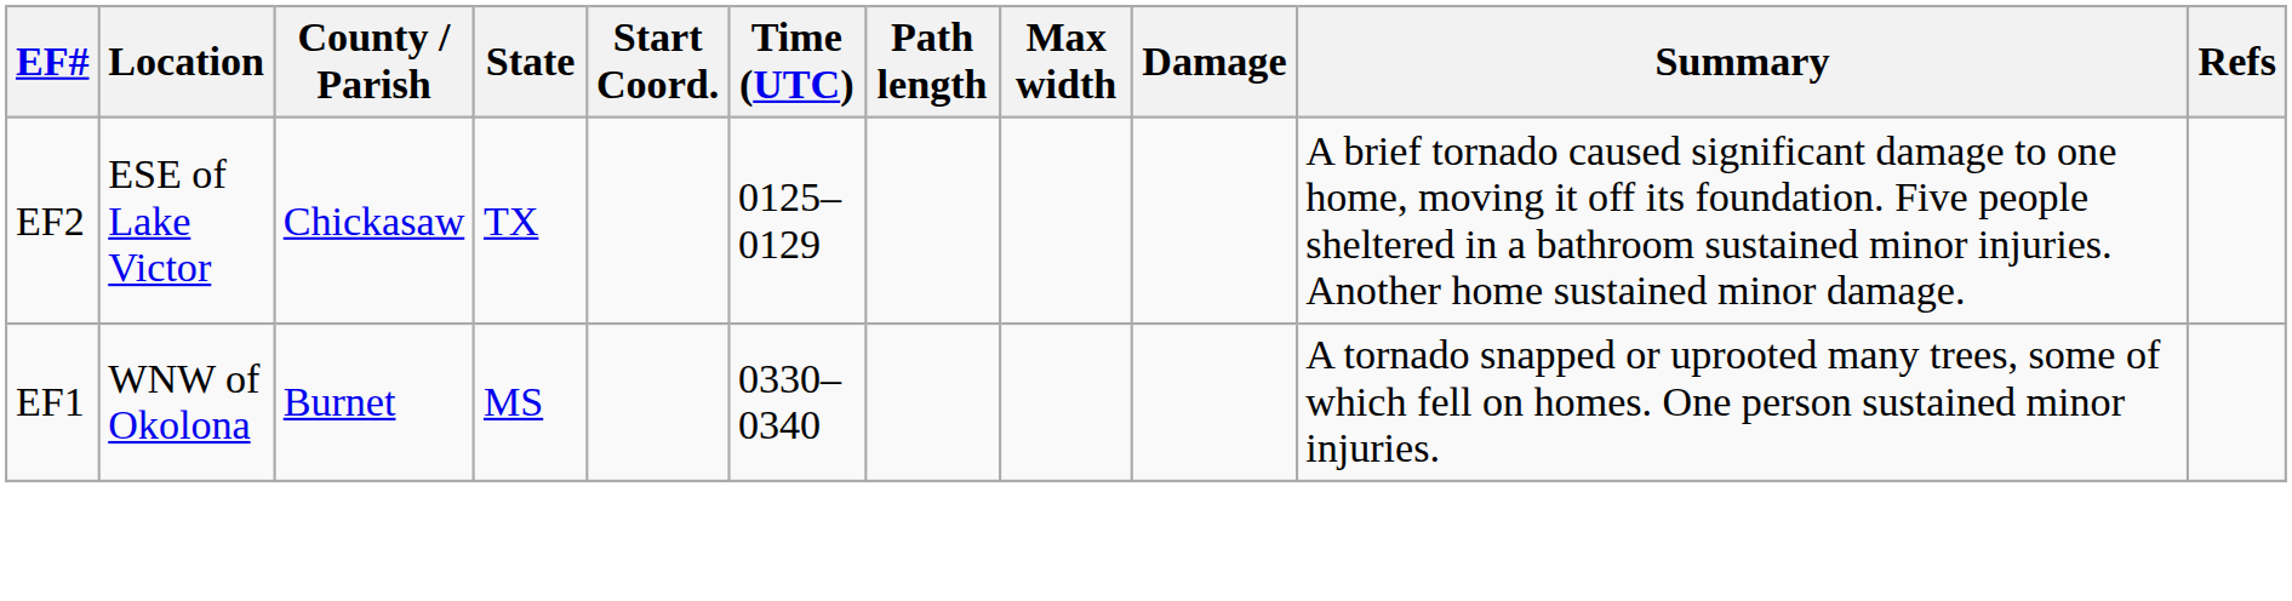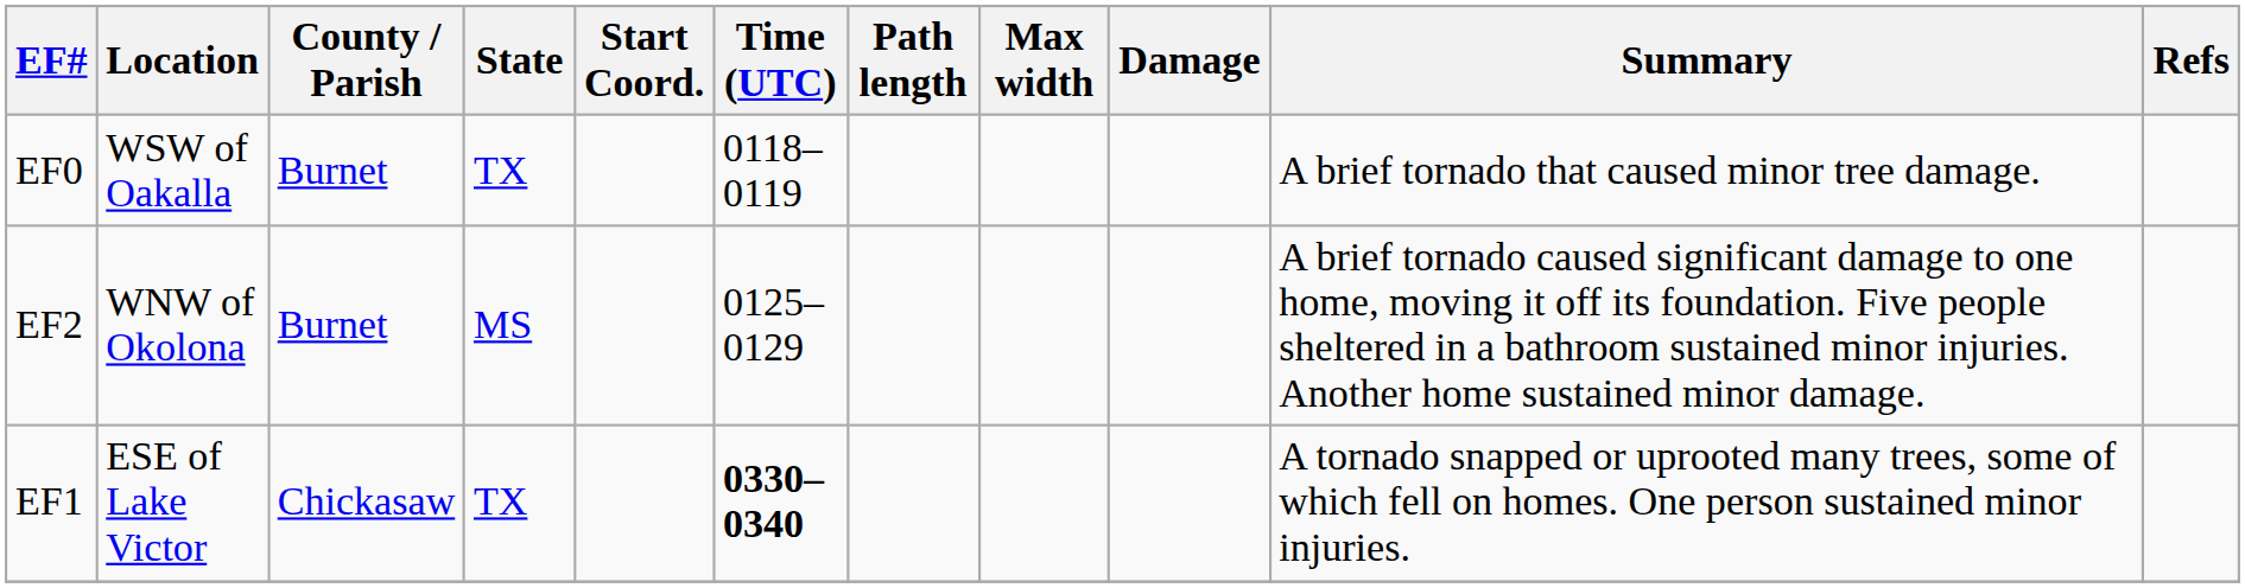 <table class="wikitable sortable" style="width:100%;">
 <tr>
 <th scope="col" width="3%" align="center"><a href='#'>EF#</a></th>
 <th scope="col" width="7%" align="center" class="unsortable">Location</th>
 <th scope="col" width="6%" align="center" class="unsortable">County / Parish</th>
 <th scope="col" width="5%" align="center">State</th>
 <th scope="col" width="6%" align="center">Start Coord.</th>
 <th scope="col" width="6%" align="center">Time (<a href='#'>UTC</a>)</th>
 <th scope="col" width="6%" align="center">Path length</th>
 <th scope="col" width="6%" align="center">Max width</th>
 <th scope="col" width="6%" align="center">Damage</th>
 <th scope="col" width="48%" class="unsortable" align="center">Summary</th>
 <th scope="col" width="48%" class="unsortable" align="center">Refs</th>
 </tr>
 <tr>
+<td>EF0</td>
+<td>WSW of <a href='#'>Oakalla</a></td>
+<td><a href='#'>Burnet</a></td>
+<td><a href='#'>TX</a></td>
+<td></td>
+<td>0118–0119</td>
+<td></td>
+<td></td>
+<td></td>
+<td>A brief tornado that caused minor tree damage.</td>
+<td></td>
+</tr>
+<tr>
 <td>EF2</td>
-<td>ESE of <a href='#'>Lake Victor</a></td>
-<td><a href='#'>Chickasaw</a></td>
-<td><a href='#'>TX</a></td>
+<td>WNW of <a href='#'>Okolona</a></td>
+<td><a href='#'>Burnet</a></td>
+<td><a href='#'>MS</a></td>
 <td></td>
 <td>0125–0129</td>
 <td></td>
 <td></td>
 <td></td>
 <td>A brief tornado caused significant damage to one home, moving it  off its foundation. Five people sheltered in a bathroom sustained minor injuries. Another home sustained minor damage.</td>
 <td></td>
 </tr>
 <tr>
 <td>EF1</td>
-<td>WNW of <a href='#'>Okolona</a></td>
-<td><a href='#'>Burnet</a></td>
-<td><a href='#'>MS</a></td>
+<td>ESE of <a href='#'>Lake Victor</a></td>
+<td><a href='#'>Chickasaw</a></td>
+<td><a href='#'>TX</a></td>
 <td></td>
-<td>0330–0340</td>
+<td><strong>0330–0340</strong></td>
 <td></td>
 <td></td>
 <td></td>
 <td>A tornado snapped or uprooted many trees, some of which fell on homes. One person sustained minor injuries.</td>
 <td></td>
 </tr>
 <tr>
 </tr>
 </table>
